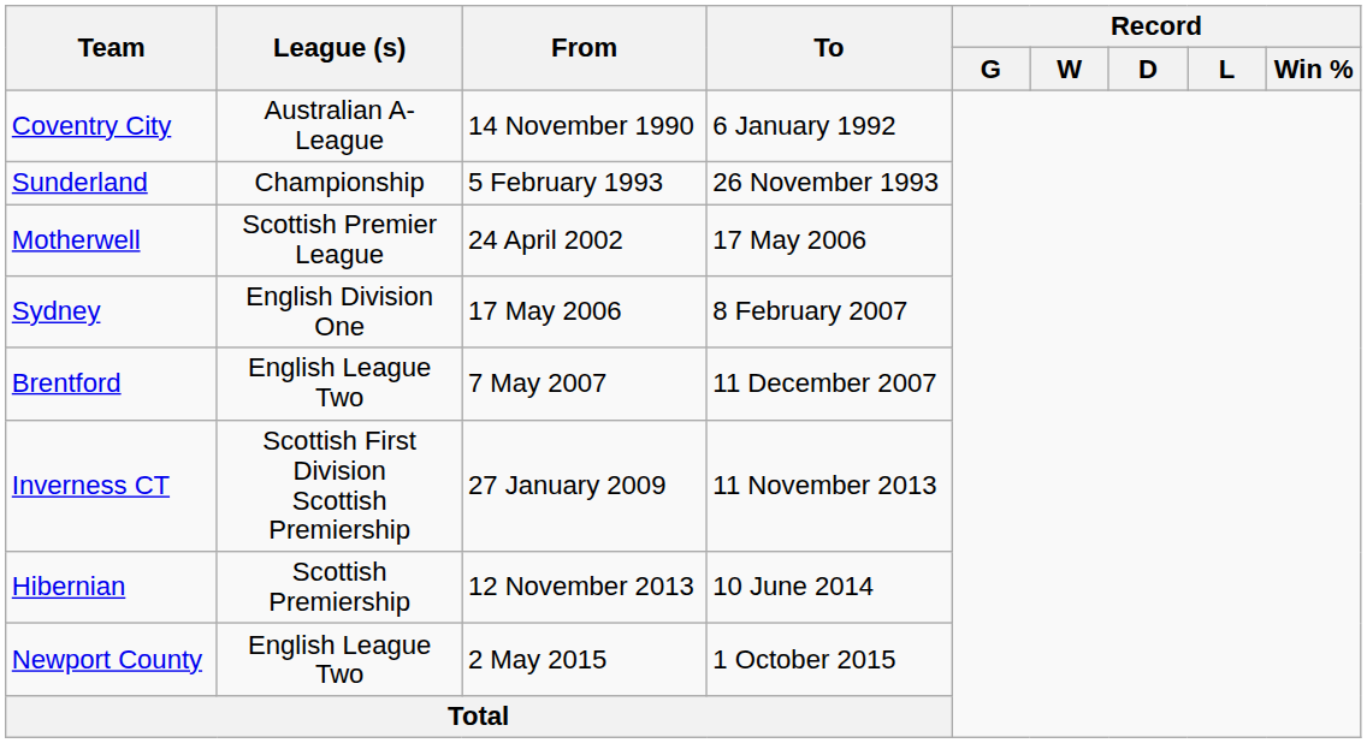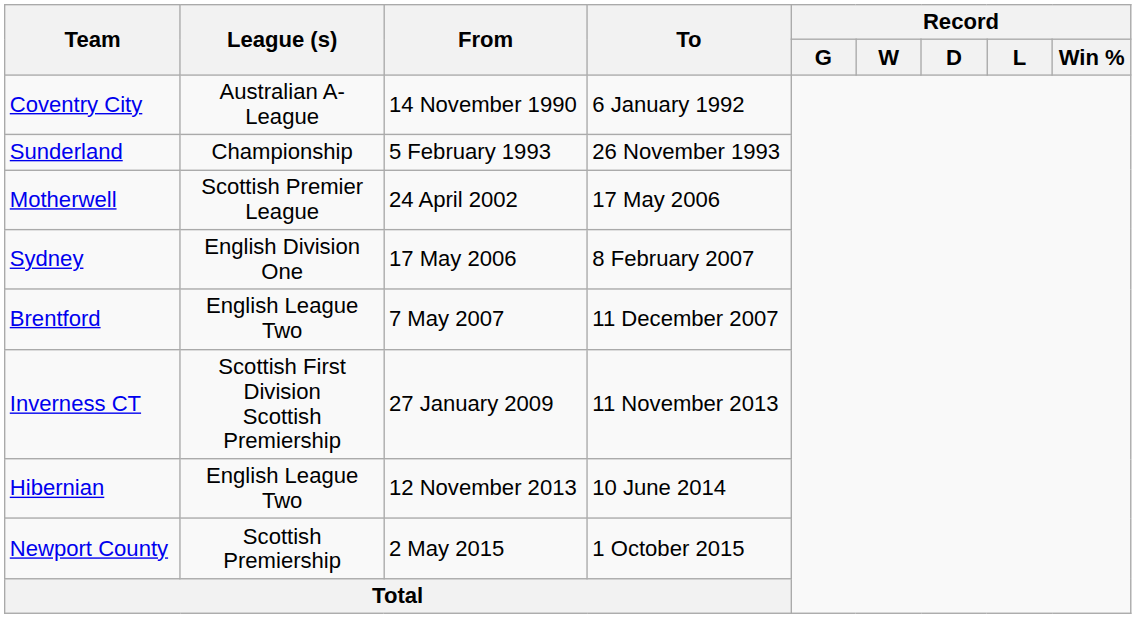 <table class="wikitable" style="text-align: center">
 <tr>
 <th rowspan="2!" style="width:120px;">Team</th>
 <th rowspan="2!" style="width:140px;">League (s)</th>
 <th rowspan="2!" style="width:140px;">From</th>
 <th rowspan="2!" style="width:140px;">To</th>
 <th colspan=6>Record</th>
 </tr>
 <tr>
 <th width=40>G</th>
 <th width=40>W</th>
 <th width=40>D</th>
 <th width=40>L</th>
 <th width=50>Win %</th>
 </tr>
 <tr>
 <td align=left><a href='#'>Coventry City</a></td>
 <td>Australian A-League</td>
 <td align=left>14 November 1990</td>
 <td align=left>6 January 1992<br></td>
 </tr>
 <tr>
 <td align=left><a href='#'>Sunderland</a></td>
 <td>Championship</td>
 <td align=left>5 February 1993</td>
 <td align=left>26 November 1993<br></td>
 </tr>
 <tr>
 <td align=left><a href='#'>Motherwell</a></td>
 <td>Scottish Premier League</td>
 <td align=left>24 April 2002</td>
 <td align=left>17 May 2006<br></td>
 </tr>
 <tr>
 <td align=left><a href='#'>Sydney</a></td>
 <td>English Division One</td>
 <td align=left>17 May 2006</td>
 <td align=left>8 February 2007<br></td>
 </tr>
 <tr>
 <td align=left><a href='#'>Brentford</a></td>
 <td>English League Two</td>
 <td align=left>7 May 2007</td>
 <td align=left>11 December 2007<br></td>
 </tr>
 <tr>
 <td align=left><a href='#'>Inverness CT</a></td>
 <td>Scottish First Division<br>Scottish Premiership</td>
 <td align=left>27 January 2009</td>
 <td align=left>11 November 2013<br></td>
 </tr>
 <tr>
 <td align=left><a href='#'>Hibernian</a></td>
-<td>Scottish Premiership</td>
+<td>English League Two</td>
 <td align=left>12 November 2013</td>
 <td align=left>10 June 2014<br></td>
 </tr>
 <tr>
 <td align=left><a href='#'>Newport County</a></td>
-<td>English League Two</td>
+<td>Scottish Premiership</td>
 <td align=left>2 May 2015</td>
 <td align=left>1 October 2015<br></td>
 </tr>
 <tr>
 <th colspan=4>Total<br></th>
 </tr>
 </table>
